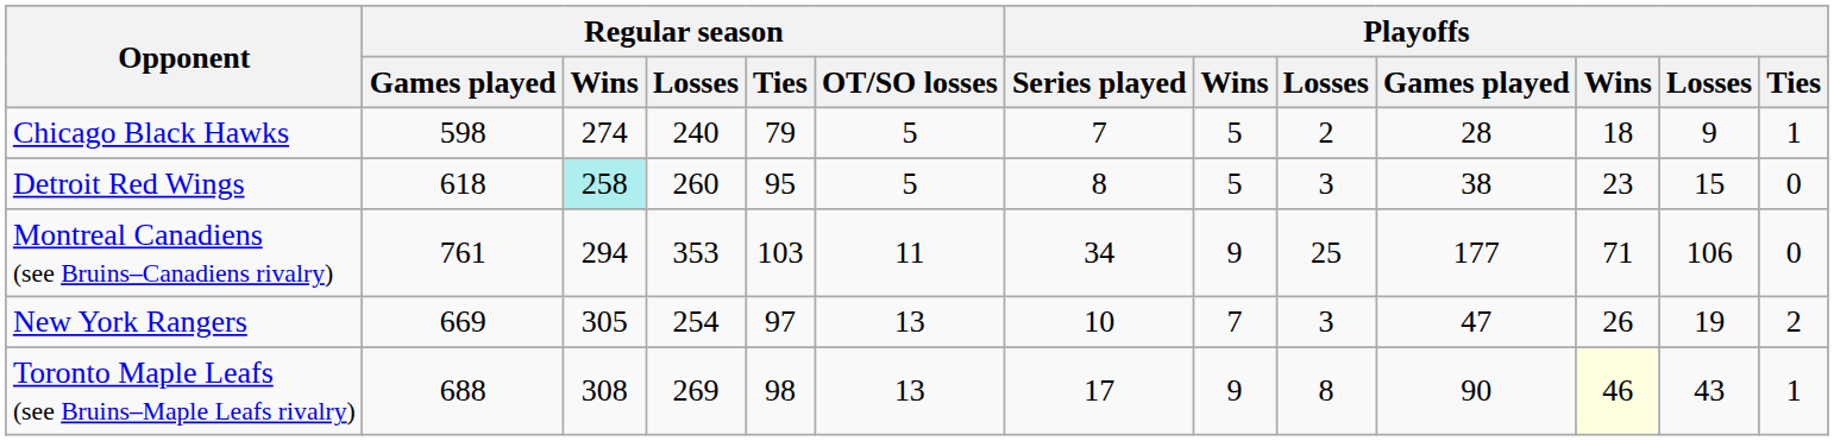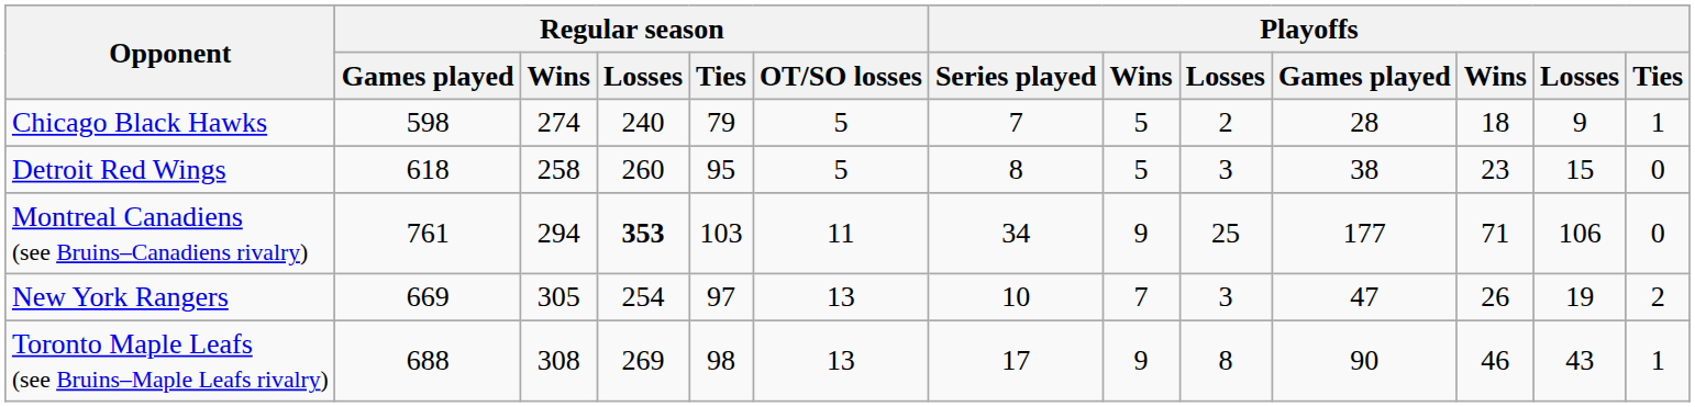 <table class="wikitable unsortable" style="text-align:center; font-size:95%;">
 <tr>
 <th rowspan="2">Opponent</th>
 <th colspan="5">Regular season</th>
 <th colspan="8">Playoffs</th>
 </tr>
 <tr>
 <th>Games played</th>
 <th>Wins</th>
 <th>Losses</th>
 <th>Ties</th>
 <th>OT/SO losses</th>
 <th>Series played</th>
 <th>Wins</th>
 <th>Losses</th>
 <th>Games played</th>
 <th>Wins</th>
 <th>Losses</th>
 <th>Ties</th>
 </tr>
 <tr>
 <td style="text-align:left;"><a href='#'>Chicago Black Hawks</a></td>
 <td>598</td>
 <td>274</td>
 <td>240</td>
 <td>79</td>
 <td>5</td>
 <td>7</td>
 <td>5</td>
 <td>2</td>
 <td>28</td>
 <td>18</td>
 <td>9</td>
 <td>1</td>
 </tr>
 <tr>
 <td style="text-align:left;"><a href='#'>Detroit Red Wings</a></td>
 <td>618</td>
-<td style="background: paleturquoise;">258</td>
+<td>258</td>
 <td>260</td>
 <td>95</td>
 <td>5</td>
 <td>8</td>
 <td>5</td>
 <td>3</td>
 <td>38</td>
 <td>23</td>
 <td>15</td>
 <td>0</td>
 </tr>
 <tr>
 <td style="text-align:left;"><a href='#'>Montreal Canadiens</a><br><small>(see <a href='#'>Bruins–Canadiens rivalry</a>)</small></td>
 <td>761</td>
 <td>294</td>
-<td>353</td>
+<td><strong>353</strong></td>
 <td>103</td>
 <td>11</td>
 <td>34</td>
 <td>9</td>
 <td>25</td>
 <td>177</td>
 <td>71</td>
 <td>106</td>
 <td>0</td>
 </tr>
 <tr>
 <td style="text-align:left;"><a href='#'>New York Rangers</a></td>
 <td>669</td>
 <td>305</td>
 <td>254</td>
 <td>97</td>
 <td>13</td>
 <td>10</td>
 <td>7</td>
 <td>3</td>
 <td>47</td>
 <td>26</td>
 <td>19</td>
 <td>2</td>
 </tr>
 <tr>
 <td style="text-align:left;"><a href='#'>Toronto Maple Leafs</a><br><small>(see <a href='#'>Bruins–Maple Leafs rivalry</a>)</small></td>
 <td>688</td>
 <td>308</td>
 <td>269</td>
 <td>98</td>
 <td>13</td>
 <td>17</td>
 <td>9</td>
 <td>8</td>
 <td>90</td>
-<td style="background: lightyellow;">46</td>
+<td>46</td>
 <td>43</td>
 <td>1</td>
 </tr>
 </table>
